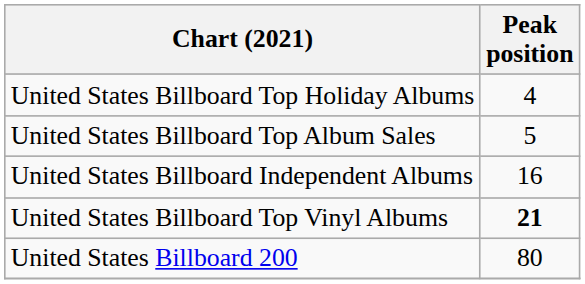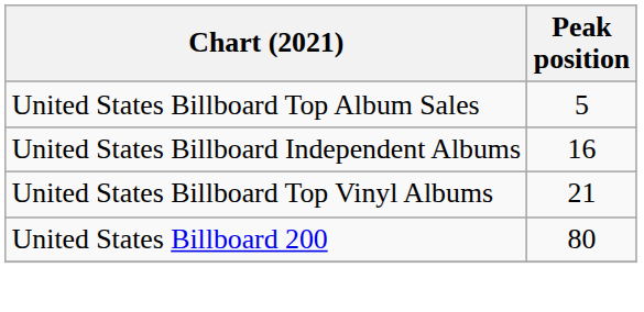 <table class="wikitable">
 <tr>
 <th scope="col">Chart (2021)</th>
 <th>Peak<br>position</th>
-</tr>
-<tr>
-<td>United States Billboard Top Holiday Albums</td>
-<td style="text-align:center;">4</td>
 </tr>
 <tr>
 <td>United States Billboard Top Album Sales</td>
 <td style="text-align:center;">5</td>
 </tr>
 <tr>
 <td>United States Billboard Independent Albums</td>
 <td style="text-align:center;">16</td>
 </tr>
 <tr>
 <td>United States Billboard Top Vinyl Albums</td>
-<td style="text-align:center;"><strong>21</strong></td>
+<td style="text-align:center;">21</td>
 </tr>
 <tr>
 <td>United States <a href='#'>Billboard 200</a></td>
 <td style="text-align:center;">80</td>
 </tr>
 <tr>
 </tr>
 </table>
